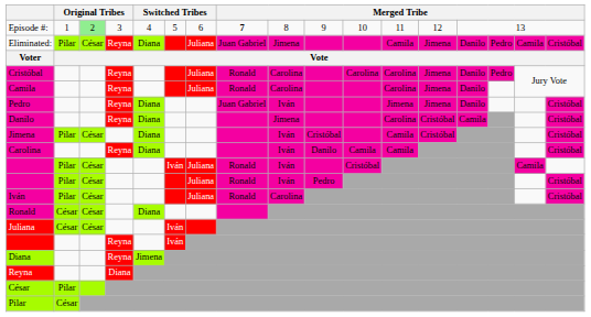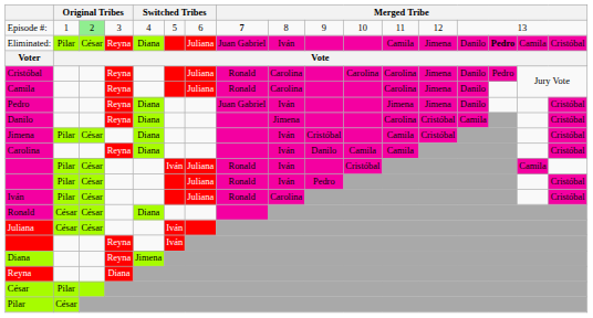 <table class="wikitable" style="font-size:80%; margin:auto;">
 <tr>
 <th></th>
 <th style="text-align:center" colspan="3">Original Tribes</th>
 <th style="text-align:center" colspan="3">Switched Tribes</th>
 <th style="text-align:center"colspan="10">Merged Tribe</th>
 </tr>
 <tr>
 <td>Episode #:</td>
 <td style="text-align:center">1</td>
 <td style="background: lightgreen; text-align:center">2</td>
 <td style="text-align:center">3</td>
 <td style="text-align:center">4</td>
 <td style="text-align:center">5</td>
 <td style="text-align:center">6</td>
 <td style="text-align:center"><strong>7</strong></td>
 <td style="text-align:center">8</td>
 <td style="text-align:center">9</td>
 <td style="text-align:center">10</td>
 <td style="text-align:center">11</td>
 <td style="text-align:center">12</td>
 <td style="text-align:center" colspan="4">13</td>
 </tr>
 <tr>
 <td>Eliminated:</td>
 <td style="text-align:center; background:#A7FC00">Pilar<br></td>
 <td style="text-align:center; background:#A7FC00">César<br></td>
 <td style="text-align:center; background:red;color:white;">Reyna<br></td>
 <td style="text-align:center; background:#A7FC00">Diana<br></td>
 <td style="text-align:center; background:red;color:white;"><br></td>
 <td style="text-align:center; background:red;color:white;">Juliana<br></td>
 <td style="text-align:center; background:#F400A1">Juan Gabriel</td>
-<td style="text-align:center; background:#F400A1">Jimena</td>
+<td style="text-align:center; background:#F400A1">Iván<br></td>
 <td style="text-align:center; background:#F400A1"><br></td>
 <td style="text-align:center; background:#F400A1"><br></td>
 <td style="text-align:center; background:#F400A1">Camila</td>
 <td style="text-align:center; background:#F400A1">Jimena<br></td>
 <td style="text-align:center; background:#F400A1">Danilo<br></td>
-<td style="text-align:center; background:#F400A1">Pedro<br></td>
+<td style="text-align:center; background:#F400A1"><strong>Pedro<br></strong></td>
 <td style="text-align:center; background:#F400A1">Camila<br></td>
 <td style="text-align:center; background:#F400A1">Cristóbal<br></td>
 </tr>
 <tr>
 <th>Voter</th>
 <th colspan="17" style="text-align:center">Vote</th>
 </tr>
 <tr>
 <td style="background:#F400A1">Cristóbal</td>
 <td></td>
 <td></td>
 <td style="text-align:center; background:red;color:white;">Reyna</td>
 <td></td>
 <td style="text-align:center; background:red;color:white;"></td>
 <td style="text-align:center; background:red;color:white;">Juliana</td>
 <td style="text-align:center; background:#F400A1">Ronald</td>
 <td style="text-align:center; background:#F400A1">Carolina</td>
 <td style="text-align:center; background:#F400A1"></td>
 <td style="text-align:center; background:#F400A1">Carolina</td>
 <td style="text-align:center; background:#F400A1">Carolina</td>
 <td style="text-align:center; background:#F400A1">Jimena</td>
 <td style="text-align:center; background:#F400A1">Danilo</td>
 <td style="text-align:center; background:#F400A1">Pedro</td>
 <td colspan="2" rowspan="2" style="text-align:center">Jury Vote</td>
 </tr>
 <tr>
 <td style="background:#F400A1">Camila</td>
 <td></td>
 <td></td>
 <td style="text-align:center; background:red;color:white;">Reyna</td>
 <td></td>
 <td style="text-align:center; background:red;color:white;"></td>
 <td style="text-align:center; background:red;color:white;">Juliana</td>
 <td style="text-align:center; background:#F400A1">Ronald</td>
 <td style="text-align:center; background:#F400A1">Carolina</td>
 <td style="text-align:center; background:#F400A1"></td>
 <td style="text-align:center; background:#F400A1"></td>
 <td style="text-align:center; background:#F400A1">Carolina</td>
 <td style="text-align:center; background:#F400A1">Jimena</td>
 <td style="text-align:center; background:#F400A1">Danilo</td>
 <td></td>
 </tr>
 <tr>
 <td style="background:#F400A1">Pedro</td>
 <td></td>
 <td></td>
 <td style="text-align:center; background:red;color:white;">Reyna</td>
 <td style="text-align:center; background:#A7FC00">Diana</td>
 <td></td>
 <td></td>
 <td style="text-align:center; background:#F400A1">Juan Gabriel</td>
 <td style="text-align:center; background:#F400A1">Iván</td>
 <td style="text-align:center; background:#F400A1"></td>
 <td style="text-align:center; background:#F400A1"></td>
 <td style="text-align:center; background:#F400A1">Jimena</td>
 <td style="text-align:center; background:#F400A1">Jimena</td>
 <td style="text-align:center; background:#F400A1">Danilo</td>
 <td></td>
 <td></td>
 <td style="text-align:center; background:#F400A1">Cristóbal</td>
 </tr>
 <tr>
 <td style="background:#F400A1">Danilo</td>
 <td></td>
 <td></td>
 <td style="text-align:center; background:red;color:white;">Reyna</td>
 <td style="text-align:center; background:#A7FC00">Diana</td>
 <td></td>
 <td></td>
 <td style="text-align:center; background:#F400A1"></td>
 <td style="text-align:center; background:#F400A1">Jimena</td>
 <td style="text-align:center; background:#F400A1"></td>
 <td style="text-align:center; background:#F400A1"></td>
 <td style="text-align:center; background:#F400A1">Carolina</td>
 <td style="text-align:center; background:#F400A1">Cristóbal</td>
 <td style="text-align:center; background:#F400A1">Camila</td>
 <td style="background:darkgray" colspan=1></td>
 <td></td>
 <td style="text-align:center; background:#F400A1">Cristóbal</td>
 </tr>
 <tr>
 <td style="background:#F400A1">Jimena</td>
 <td style="text-align:center; background:#A7FC00">Pilar</td>
 <td style="text-align:center; background:#A7FC00">César</td>
 <td></td>
 <td style="text-align:center; background:#A7FC00">Diana</td>
 <td></td>
 <td></td>
 <td style="text-align:center; background:#F400A1"></td>
 <td style="text-align:center; background:#F400A1">Iván</td>
 <td style="text-align:center; background:#F400A1">Cristóbal</td>
 <td style="text-align:center; background:#F400A1"></td>
 <td style="text-align:center; background:#F400A1">Camila</td>
 <td style="text-align:center; background:#F400A1">Cristóbal</td>
 <td style="background:darkgray" colspan=2></td>
 <td></td>
 <td style="text-align:center; background:#F400A1">Cristóbal</td>
 </tr>
 <tr>
 <td style="background:#F400A1">Carolina</td>
 <td></td>
 <td></td>
 <td style="text-align:center; background:red;color:white;">Reyna</td>
 <td style="text-align:center; background:#A7FC00">Diana</td>
 <td></td>
 <td></td>
 <td style="text-align:center; background:#F400A1"></td>
 <td style="text-align:center; background:#F400A1">Iván</td>
 <td style="text-align:center; background:#F400A1">Danilo</td>
 <td style="text-align:center; background:#F400A1">Camila</td>
 <td style="text-align:center; background:#F400A1">Camila</td>
 <td style="background:darkgray" colspan=3></td>
 <td></td>
 <td style="text-align:center; background:#F400A1">Cristóbal</td>
 </tr>
 <tr>
 <td style="background:#F400A1"></td>
 <td style="text-align:center; background:#A7FC00">Pilar</td>
 <td style="text-align:center; background:#A7FC00">César</td>
 <td></td>
 <td></td>
 <td style="text-align:center; background:red;color:white;">Iván</td>
 <td style="text-align:center; background:red;color:white;">Juliana</td>
 <td style="text-align:center; background:#F400A1">Ronald</td>
 <td style="text-align:center; background:#F400A1">Iván</td>
 <td style="text-align:center; background:#F400A1"></td>
 <td style="text-align:center; background:#F400A1">Cristóbal</td>
 <td style="background:darkgray" colspan=4></td>
 <td style="text-align:center; background:#F400A1">Camila</td>
 <td></td>
 </tr>
 <tr>
 <td style="background:#F400A1"></td>
 <td style="text-align:center; background:#A7FC00">Pilar</td>
 <td style="text-align:center; background:#A7FC00">César</td>
 <td></td>
 <td></td>
 <td style="text-align:center; background:red;color:white;"></td>
 <td style="text-align:center; background:red;color:white;">Juliana</td>
 <td style="text-align:center; background:#F400A1">Ronald</td>
 <td style="text-align:center; background:#F400A1">Iván</td>
 <td style="text-align:center; background:#F400A1">Pedro</td>
 <td style="background:darkgray" colspan=5></td>
 <td></td>
 <td style="text-align:center; background:#F400A1">Cristóbal</td>
 </tr>
 <tr>
 <td style="background:#F400A1">Iván</td>
 <td style="text-align:center; background:#A7FC00">Pilar</td>
 <td style="text-align:center; background:#A7FC00">César</td>
 <td></td>
 <td></td>
 <td style="text-align:center; background:red;color:white;"></td>
 <td style="text-align:center; background:red;color:white;">Juliana</td>
 <td style="text-align:center; background:#F400A1">Ronald</td>
 <td style="text-align:center; background:#F400A1">Carolina</td>
 <td style="background:darkgray" colspan=6></td>
 <td></td>
 <td style="text-align:center; background:#F400A1">Cristóbal</td>
 </tr>
 <tr>
 <td style="background:#F400A1">Ronald</td>
 <td style="text-align:center; background:#A7FC00">César</td>
 <td style="text-align:center; background:#A7FC00">César</td>
 <td></td>
 <td style="text-align:center; background:#A7FC00">Diana</td>
 <td></td>
 <td></td>
 <td style="text-align:center; background:#F400A1"></td>
 <td style="background:darkgray" colspan=9></td>
 </tr>
 <tr>
 <td style="background:red;color:white;">Juliana</td>
 <td style="text-align:center; background:#A7FC00">César</td>
 <td style="text-align:center; background:#A7FC00">César</td>
 <td></td>
 <td></td>
 <td style="text-align:center; background:red;color:white;">Iván</td>
 <td style="text-align:center; background:red;color:white;"></td>
 <td style="background:darkgray" colspan=10></td>
 </tr>
 <tr>
 <td style="background:red;color:white;"></td>
 <td></td>
 <td></td>
 <td style="text-align:center; background:red;color:white;">Reyna</td>
 <td></td>
 <td style="text-align:center; background:red;color:white;">Iván</td>
 <td style="background:darkgray" colspan=11></td>
 </tr>
 <tr>
 <td style="background:#A7FC00">Diana</td>
 <td></td>
 <td></td>
 <td style="text-align:center; background:red;color:white;">Reyna</td>
 <td style="text-align:center; background:#A7FC00">Jimena</td>
 <td style="background:darkgray" colspan=12></td>
 </tr>
 <tr>
 <td style="background:red;color:white;">Reyna</td>
 <td></td>
 <td></td>
 <td style="text-align:center; background:red;color:white;">Diana</td>
 <td style="background:darkgray" colspan=13></td>
 </tr>
 <tr>
 <td style="background:#A7FC00">César</td>
 <td style="text-align:center; background:#A7FC00">Pilar</td>
 <td style="text-align:center; background:#A7FC00"></td>
 <td style="background:darkgray" colspan=14></td>
 </tr>
 <tr>
 <td style="background:#A7FC00">Pilar</td>
 <td style="text-align:center; background:#A7FC00">César</td>
 <td style="background:darkgray" colspan=15></td>
 </tr>
 </table>
